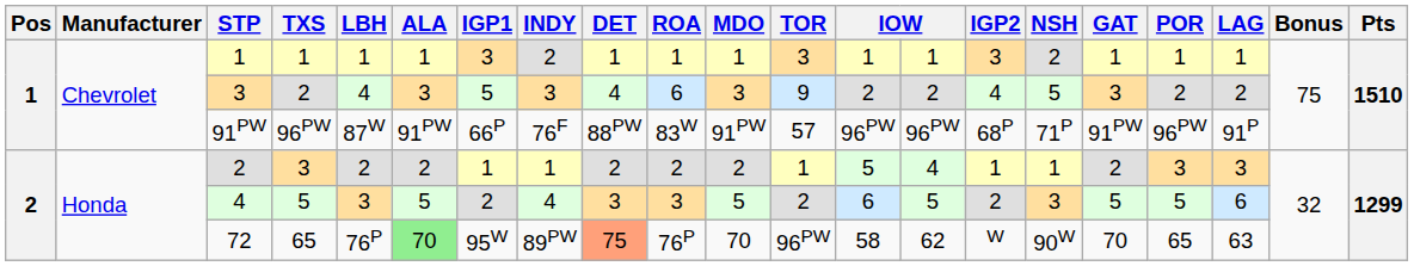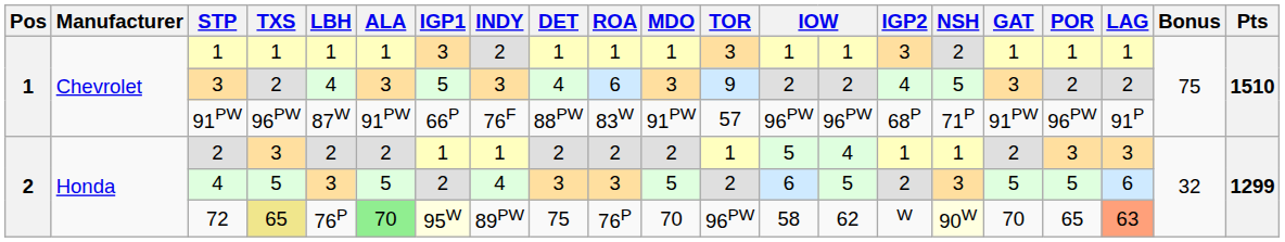 <table class="wikitable" style="font-size:85%;text-align:center">
 <tr>
 <th>Pos</th>
 <th>Manufacturer</th>
 <th><a href='#'>STP</a></th>
 <th><a href='#'>TXS</a></th>
 <th><a href='#'>LBH</a></th>
 <th><a href='#'>ALA</a></th>
 <th><a href='#'>IGP1</a></th>
 <th><a href='#'>INDY</a></th>
 <th><a href='#'>DET</a></th>
 <th><a href='#'>ROA</a></th>
 <th><a href='#'>MDO</a></th>
 <th><a href='#'>TOR</a></th>
 <th colspan=2><a href='#'>IOW</a></th>
 <th><a href='#'>IGP2</a></th>
 <th><a href='#'>NSH</a></th>
 <th><a href='#'>GAT</a></th>
 <th><a href='#'>POR</a></th>
 <th><a href='#'>LAG</a></th>
 <th>Bonus</th>
 <th>Pts</th>
 </tr>
 <tr>
 <th rowspan="3">1</th>
 <td rowspan="3" align="left"><a href='#'>Chevrolet</a></td>
 <td style="background:#FFFFBF;">1</td>
 <td style="background:#FFFFBF;">1</td>
 <td style="background:#FFFFBF;">1</td>
 <td style="background:#FFFFBF;">1</td>
 <td style="background:#FFDF9F;">3</td>
 <td style="background:#DFDFDF;">2</td>
 <td style="background:#FFFFBF;">1</td>
 <td style="background:#FFFFBF;">1</td>
 <td style="background:#FFFFBF;">1</td>
 <td style="background:#FFDF9F;">3</td>
 <td style="background:#FFFFBF;">1</td>
 <td style="background:#FFFFBF;">1</td>
 <td style="background:#FFDF9F;">3</td>
 <td style="background:#DFDFDF;">2</td>
 <td style="background:#FFFFBF;">1</td>
 <td style="background:#FFFFBF;">1</td>
 <td style="background:#FFFFBF;">1</td>
 <td rowspan="3">75</td>
 <th rowspan="3">1510</th>
 </tr>
 <tr>
 <td style="background:#FFDF9F;">3</td>
 <td style="background:#DFDFDF;">2</td>
 <td style="background:#DFFFDF;">4</td>
 <td style="background:#FFDF9F;">3</td>
 <td style="background:#DFFFDF;">5</td>
 <td style="background:#FFDF9F;">3</td>
 <td style="background:#DFFFDF;">4</td>
 <td style="background:#CFEAFF;">6</td>
 <td style="background:#FFDF9F;">3</td>
 <td style="background:#CFEAFF;">9</td>
 <td style="background:#DFDFDF;">2</td>
 <td style="background:#DFDFDF;">2</td>
 <td style="background:#DFFFDF;">4</td>
 <td style="background:#DFFFDF;">5</td>
 <td style="background:#FFDF9F;">3</td>
 <td style="background:#DFDFDF;">2</td>
 <td style="background:#DFDFDF;">2</td>
 </tr>
 <tr>
 <td>91<sup>PW</sup></td>
 <td>96<sup>PW</sup></td>
 <td>87<sup>W</sup></td>
 <td>91<sup>PW</sup></td>
 <td>66<sup>P</sup></td>
 <td>76<sup>F</sup></td>
 <td>88<sup>PW</sup></td>
 <td>83<sup>W</sup></td>
 <td>91<sup>PW</sup></td>
 <td>57</td>
 <td>96<sup>PW</sup></td>
 <td>96<sup>PW</sup></td>
 <td>68<sup>P</sup></td>
 <td>71<sup>P</sup></td>
 <td>91<sup>PW</sup></td>
 <td>96<sup>PW</sup></td>
 <td>91<sup>P</sup></td>
 </tr>
 <tr>
 <th rowspan="3">2</th>
 <td rowspan="3" align="left"><a href='#'>Honda</a></td>
 <td style="background:#DFDFDF;">2</td>
 <td style="background:#FFDF9F;">3</td>
 <td style="background:#DFDFDF;">2</td>
 <td style="background:#DFDFDF;">2</td>
 <td style="background:#FFFFBF;">1</td>
 <td style="background:#FFFFBF;">1</td>
 <td style="background:#DFDFDF;">2</td>
 <td style="background:#DFDFDF;">2</td>
 <td style="background:#DFDFDF;">2</td>
 <td style="background:#FFFFBF;">1</td>
 <td style="background:#DFFFDF;">5</td>
 <td style="background:#DFFFDF;">4</td>
 <td style="background:#FFFFBF;">1</td>
 <td style="background:#FFFFBF;">1</td>
 <td style="background:#DFDFDF;">2</td>
 <td style="background:#FFDF9F;">3</td>
 <td style="background:#FFDF9F;">3</td>
 <td rowspan="3">32</td>
 <th rowspan="3">1299</th>
 </tr>
 <tr>
 <td style="background:#DFFFDF;">4</td>
 <td style="background:#DFFFDF;">5</td>
 <td style="background:#FFDF9F;">3</td>
 <td style="background:#DFFFDF;">5</td>
 <td style="background:#DFDFDF;">2</td>
 <td style="background:#DFFFDF;">4</td>
 <td style="background:#FFDF9F;">3</td>
 <td style="background:#FFDF9F;">3</td>
 <td style="background:#DFFFDF;">5</td>
 <td style="background:#DFDFDF;">2</td>
 <td style="background:#CFEAFF;">6</td>
 <td style="background:#DFFFDF;">5</td>
 <td style="background:#DFDFDF;">2</td>
 <td style="background:#FFDF9F;">3</td>
 <td style="background:#DFFFDF;">5</td>
 <td style="background:#DFFFDF;">5</td>
 <td style="background:#CFEAFF;">6</td>
 </tr>
 <tr>
 <td>72</td>
-<td>65</td>
+<td style="background: khaki;">65</td>
 <td>76<sup>P</sup></td>
 <td style="background: lightgreen;">70</td>
-<td>95<sup>W</sup></td>
+<td style="background: lightyellow;">95<sup>W</sup></td>
 <td>89<sup>PW</sup></td>
-<td style="background: lightsalmon;">75</td>
+<td>75</td>
 <td>76<sup>P</sup></td>
 <td>70</td>
 <td>96<sup>PW</sup></td>
 <td>58</td>
 <td>62</td>
 <td><sup>W</sup></td>
-<td>90<sup>W</sup></td>
+<td style="background: lightyellow;">90<sup>W</sup></td>
 <td>70</td>
 <td>65</td>
-<td>63</td>
+<td style="background: lightsalmon;">63</td>
 </tr>
 </table>
